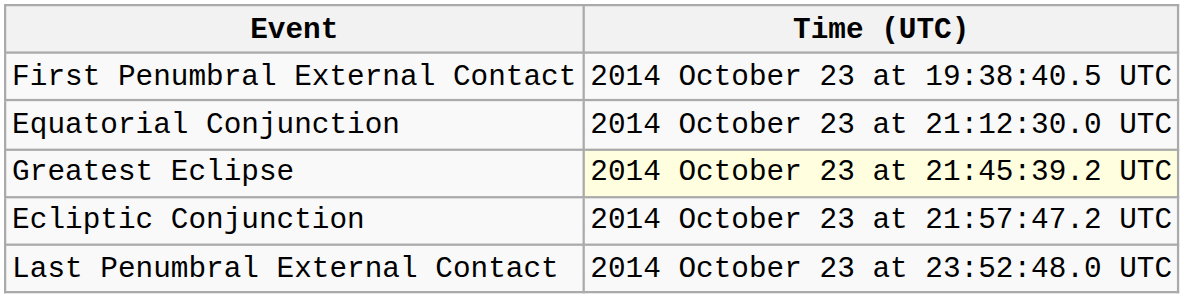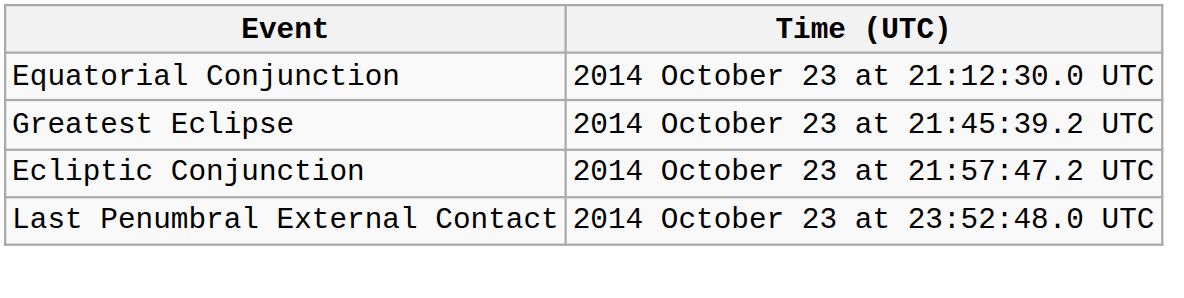 <table class="wikitable">
 <tr>
 <th>Event</th>
 <th>Time (UTC)</th>
-</tr>
-<tr>
-<td>First Penumbral External Contact</td>
-<td>2014 October 23 at 19:38:40.5 UTC</td>
 </tr>
 <tr>
 <td>Equatorial Conjunction</td>
 <td>2014 October 23 at 21:12:30.0 UTC</td>
 </tr>
 <tr>
 <td>Greatest Eclipse</td>
-<td style="background: lightyellow;">2014 October 23 at 21:45:39.2 UTC</td>
+<td>2014 October 23 at 21:45:39.2 UTC</td>
 </tr>
 <tr>
 <td>Ecliptic Conjunction</td>
 <td>2014 October 23 at 21:57:47.2 UTC</td>
 </tr>
 <tr>
 <td>Last Penumbral External Contact</td>
 <td>2014 October 23 at 23:52:48.0 UTC</td>
 </tr>
 </table>
